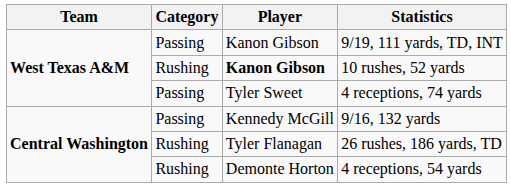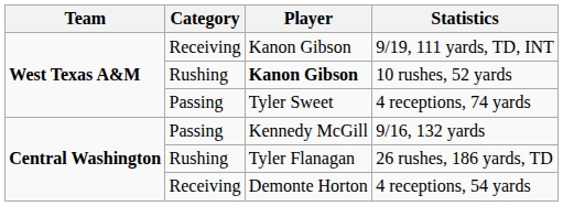 <table class="wikitable" style="float: right;">
 <tr>
 <th>Team</th>
 <th>Category</th>
 <th>Player</th>
 <th>Statistics</th>
 </tr>
 <tr>
 <td rowspan=3><strong>West Texas A&M</strong></td>
-<td>Passing</td>
+<td>Receiving</td>
 <td>Kanon Gibson</td>
 <td>9/19, 111 yards, TD, INT</td>
 </tr>
 <tr>
 <td>Rushing</td>
 <td><strong>Kanon Gibson</strong></td>
 <td>10 rushes, 52 yards</td>
 </tr>
 <tr>
 <td>Passing</td>
 <td>Tyler Sweet</td>
 <td>4 receptions, 74 yards</td>
 </tr>
 <tr>
 <td rowspan=3><strong>Central Washington</strong></td>
 <td>Passing</td>
 <td>Kennedy McGill</td>
 <td>9/16, 132 yards</td>
 </tr>
 <tr>
 <td>Rushing</td>
 <td>Tyler Flanagan</td>
 <td>26 rushes, 186 yards, TD</td>
 </tr>
 <tr>
-<td>Rushing</td>
+<td>Receiving</td>
 <td>Demonte Horton</td>
 <td>4 receptions, 54 yards</td>
 </tr>
 </table>
